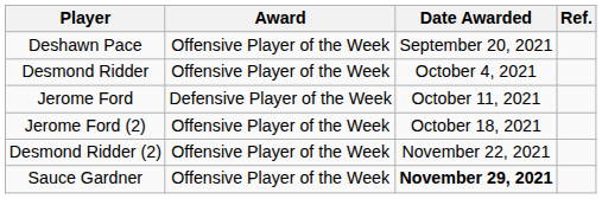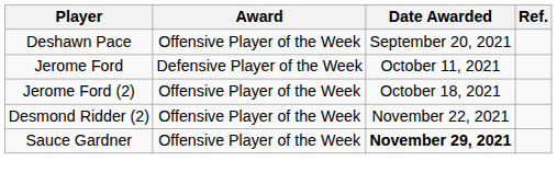 <table class="wikitable sortable sortable" style="text-align: center">
 <tr align=center>
 <th>Player</th>
 <th>Award</th>
 <th>Date Awarded</th>
 <th>Ref.</th>
 </tr>
 <tr>
 <td>Deshawn Pace</td>
 <td>Offensive Player of the Week</td>
 <td>September 20, 2021</td>
-<td></td>
-</tr>
-<tr>
-<td>Desmond Ridder</td>
-<td>Offensive Player of the Week</td>
-<td>October 4, 2021</td>
 <td></td>
 </tr>
 <tr>
 <td>Jerome Ford</td>
 <td>Defensive Player of the Week</td>
 <td>October 11, 2021</td>
 <td></td>
 </tr>
 <tr>
 <td>Jerome Ford (2)</td>
 <td>Offensive Player of the Week</td>
 <td>October 18, 2021</td>
 <td></td>
 </tr>
 <tr>
 <td>Desmond Ridder (2)</td>
 <td>Offensive Player of the Week</td>
 <td>November 22, 2021</td>
 <td></td>
 </tr>
 <tr>
 <td>Sauce Gardner</td>
 <td>Offensive Player of the Week</td>
 <td><strong>November 29, 2021</strong></td>
 <td></td>
 </tr>
 </table>
